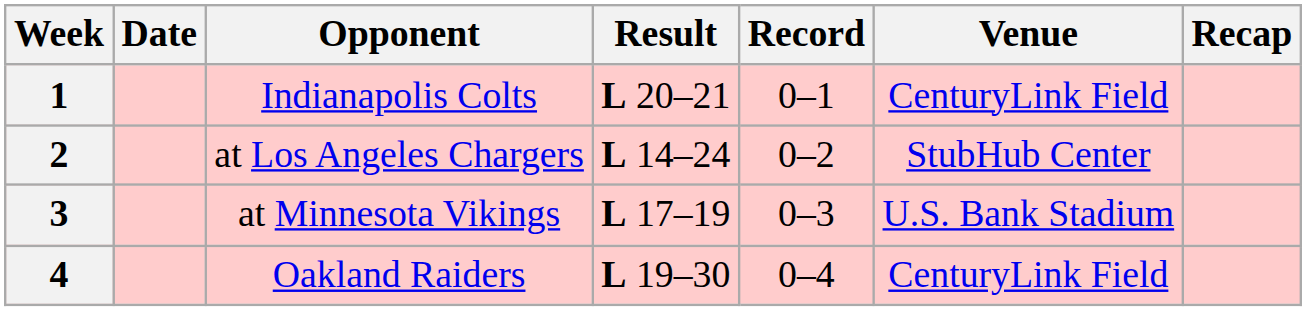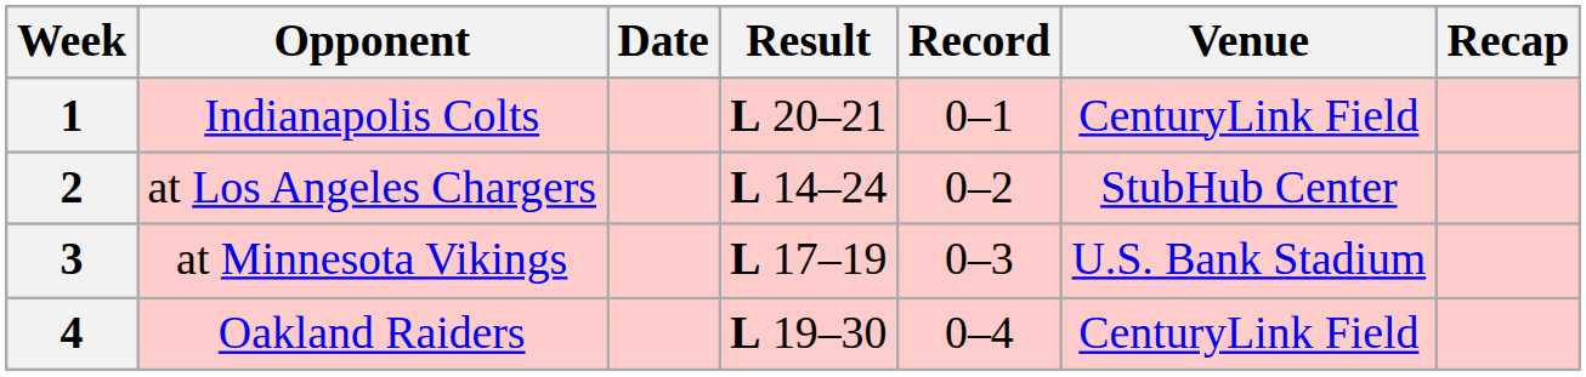 <table class="wikitable" style="text-align:center">
 <tr>
 <th>Week</th>
+<th>Opponent</th>
 <th>Date</th>
-<th>Opponent</th>
 <th>Result</th>
 <th>Record</th>
 <th>Venue</th>
 <th>Recap</th>
 </tr>
 <tr style="background:#fcc">
 <th>1</th>
+<td><a href='#'>Indianapolis Colts</a></td>
 <td></td>
-<td><a href='#'>Indianapolis Colts</a></td>
 <td><strong>L</strong> 20–21</td>
 <td>0–1</td>
 <td><a href='#'>CenturyLink Field</a></td>
 <td></td>
 </tr>
 <tr style="background:#fcc">
 <th>2</th>
+<td>at <a href='#'>Los Angeles Chargers</a></td>
 <td></td>
-<td>at <a href='#'>Los Angeles Chargers</a></td>
 <td><strong>L</strong> 14–24</td>
 <td>0–2</td>
 <td><a href='#'>StubHub Center</a></td>
 <td></td>
 </tr>
 <tr style="background:#fcc">
 <th>3</th>
+<td>at <a href='#'>Minnesota Vikings</a></td>
 <td></td>
-<td>at <a href='#'>Minnesota Vikings</a></td>
 <td><strong>L</strong> 17–19</td>
 <td>0–3</td>
 <td><a href='#'>U.S. Bank Stadium</a></td>
 <td></td>
 </tr>
 <tr style="background:#fcc">
 <th>4</th>
+<td><a href='#'>Oakland Raiders</a></td>
 <td></td>
-<td><a href='#'>Oakland Raiders</a></td>
 <td><strong>L</strong> 19–30</td>
 <td>0–4</td>
 <td><a href='#'>CenturyLink Field</a></td>
 <td></td>
 </tr>
 </table>
